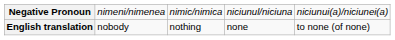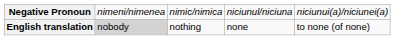 <table class="wikitable">
 <tr>
 <th>Negative Pronoun</th>
 <td><em>nimeni/nimenea</em></td>
 <td><em>nimic/nimica</em></td>
 <td><em>niciunul/niciuna</em></td>
 <td><em>niciunui(a)/niciunei(a)</em></td>
 </tr>
 <tr>
 <th>English translation</th>
-<td>nobody</td>
+<td style="background: lightgrey;">nobody</td>
 <td>nothing</td>
 <td>none</td>
 <td>to none (of none)</td>
 </tr>
 </table>
